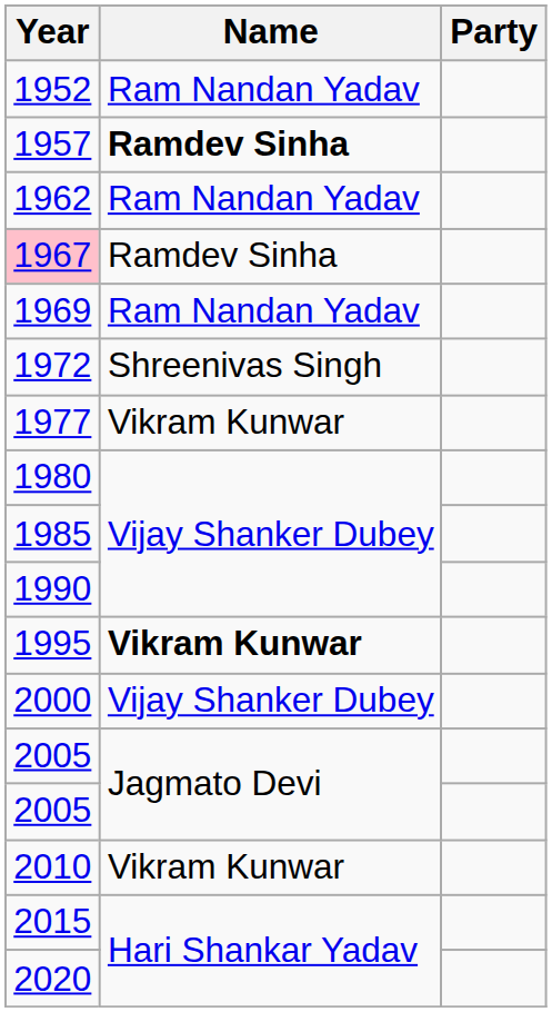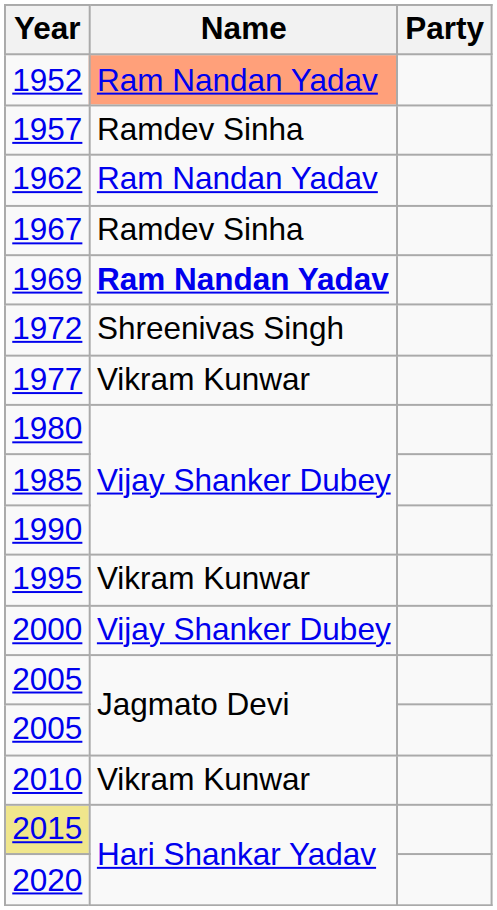 <table class="wikitable sortable">
 <tr>
 <th>Year</th>
 <th>Name</th>
 <th colspan="2">Party</th>
 </tr>
 <tr>
 <td><a href='#'>1952</a></td>
-<td><a href='#'>Ram Nandan Yadav</a></td>
+<td style="background: lightsalmon;"><a href='#'>Ram Nandan Yadav</a></td>
 <td></td>
 </tr>
 <tr>
 <td><a href='#'>1957</a></td>
-<td><strong>Ramdev Sinha</strong></td>
+<td>Ramdev Sinha</td>
 <td></td>
 </tr>
 <tr>
 <td><a href='#'>1962</a></td>
 <td><a href='#'>Ram Nandan Yadav</a></td>
 <td></td>
 </tr>
 <tr>
-<td style="background: pink;"><a href='#'>1967</a></td>
+<td><a href='#'>1967</a></td>
 <td>Ramdev Sinha</td>
 <td></td>
 </tr>
 <tr>
 <td><a href='#'>1969</a></td>
-<td><a href='#'>Ram Nandan Yadav</a></td>
+<td><strong><a href='#'>Ram Nandan Yadav</a></strong></td>
 <td></td>
 </tr>
 <tr>
 <td><a href='#'>1972</a></td>
 <td>Shreenivas Singh</td>
 <td></td>
 </tr>
 <tr>
 <td><a href='#'>1977</a></td>
 <td>Vikram Kunwar</td>
 <td></td>
 </tr>
 <tr>
 <td><a href='#'>1980</a></td>
 <td rowspan="3"><a href='#'>Vijay Shanker Dubey</a></td>
 <td></td>
 </tr>
 <tr>
 <td><a href='#'>1985</a></td>
 <td></td>
 </tr>
 <tr>
 <td><a href='#'>1990</a></td>
 </tr>
 <tr>
 <td><a href='#'>1995</a></td>
-<td><strong>Vikram Kunwar</strong></td>
+<td>Vikram Kunwar</td>
 <td></td>
 </tr>
 <tr>
 <td><a href='#'>2000</a></td>
 <td><a href='#'>Vijay Shanker Dubey</a></td>
 <td></td>
 </tr>
 <tr>
 <td><a href='#'>2005</a></td>
 <td rowspan="2">Jagmato Devi</td>
 <td></td>
 </tr>
 <tr>
 <td><a href='#'>2005</a></td>
 <td></td>
 </tr>
 <tr>
 <td><a href='#'>2010</a></td>
 <td>Vikram Kunwar</td>
 <td></td>
 </tr>
 <tr>
-<td><a href='#'>2015</a></td>
+<td style="background: khaki;"><a href='#'>2015</a></td>
 <td rowspan="2"><a href='#'>Hari Shankar Yadav</a></td>
 <td></td>
 </tr>
 <tr>
 <td><a href='#'>2020</a></td>
 </tr>
 </table>
